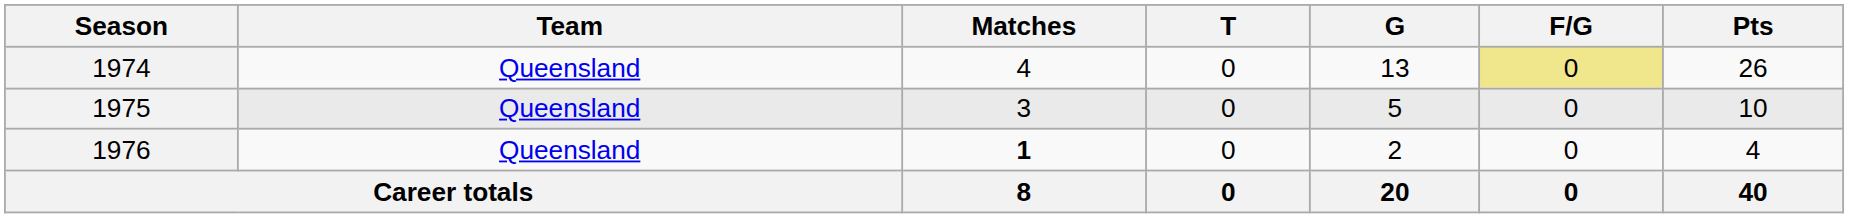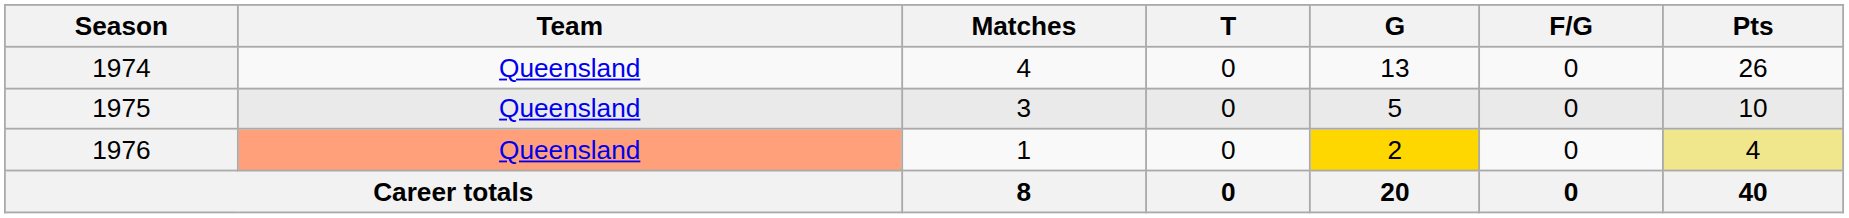 <table class="wikitable sortable" style="font-size:90%; text-align:center; width:80%;">
 <tr>
 <th width="2%">Season</th>
 <th width="8%">Team</th>
 <th width="2%">Matches</th>
 <th width="2%">T</th>
 <th width="2%">G</th>
 <th width="2%">F/G</th>
 <th width="2%">Pts</th>
 </tr>
 <tr>
 <th scope="row" style="text-align:center; font-weight:normal">1974</th>
 <td style="text-align:center;"> <a href='#'>Queensland</a></td>
 <td>4</td>
 <td>0</td>
 <td>13</td>
-<td style="background: khaki;">0</td>
+<td>0</td>
 <td>26</td>
 </tr>
 <tr style="background:#eaeaea;">
 <th scope="row" style="text-align:center; font-weight:normal">1975</th>
 <td style="text-align:center;"> <a href='#'>Queensland</a></td>
 <td>3</td>
 <td>0</td>
 <td>5</td>
 <td>0</td>
 <td>10</td>
 </tr>
 <tr>
 <th scope="row" style="text-align:center; font-weight:normal">1976</th>
-<td style="text-align:center;"> <a href='#'>Queensland</a></td>
-<td><strong>1</strong></td>
+<td style="background: lightsalmon; text-align:center;"> <a href='#'>Queensland</a></td>
+<td>1</td>
 <td>0</td>
-<td>2</td>
+<td style="background: gold;">2</td>
 <td>0</td>
-<td>4</td>
+<td style="background: khaki;">4</td>
 </tr>
 <tr class="sortbottom">
 <th colspan="2">Career totals</th>
 <th>8</th>
 <th>0</th>
 <th>20</th>
 <th>0</th>
 <th>40</th>
 </tr>
 </table>
